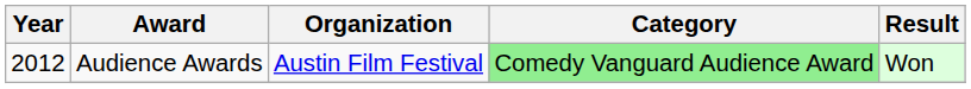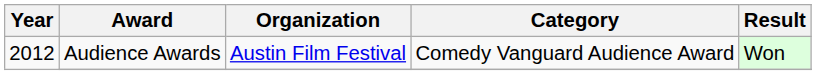 <table class="wikitable">
 <tr>
 <th>Year</th>
 <th>Award</th>
 <th>Organization</th>
 <th>Category</th>
 <th>Result</th>
 </tr>
 <tr>
 <td rowspan="2">2012</td>
 <td>Audience Awards</td>
 <td><a href='#'>Austin Film Festival</a></td>
-<td style="background: lightgreen;">Comedy Vanguard Audience Award</td>
+<td>Comedy Vanguard Audience Award</td>
 <td style="background:#dfd;">Won</td>
 </tr>
 <tr>
 </tr>
 </table>
